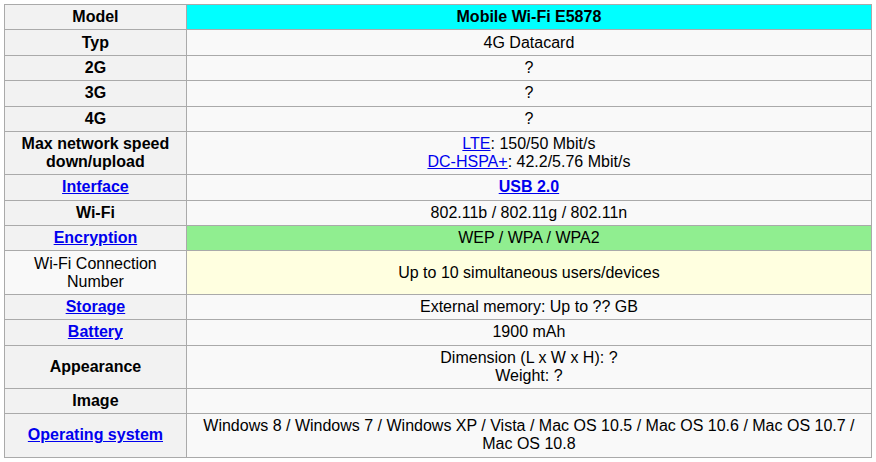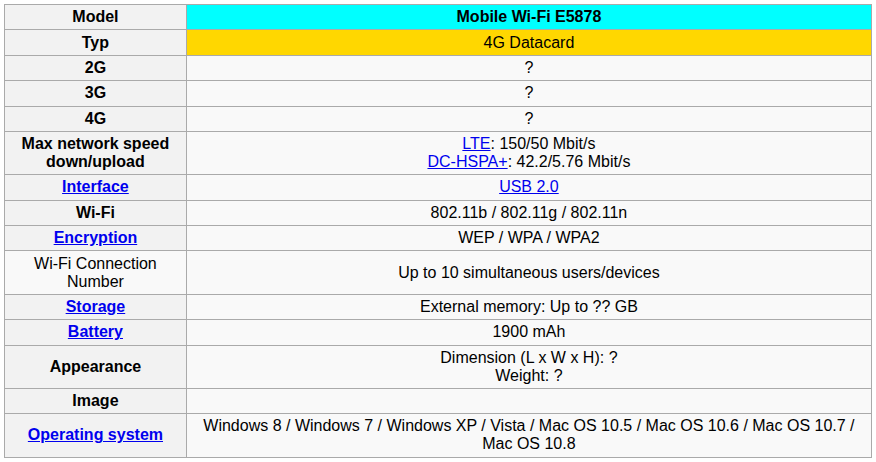 <table class="wikitable" style="text-align:center">
 <tr>
 <th colspan="2" style="background:#silver">Model</th>
 <th style="background:rgb(0%,100%,100%);">Mobile Wi-Fi E5878</th>
 </tr>
 <tr>
 <th colspan="2" >Typ</th>
-<td>4G Datacard</td>
+<td style="background: gold;">4G Datacard</td>
 </tr>
 <tr>
 <th colspan="2" >2G</th>
 <td>?</td>
 </tr>
 <tr>
 <th colspan="2" >3G</th>
 <td>?</td>
 </tr>
 <tr>
 <th colspan="2" >4G</th>
 <td>?</td>
 </tr>
 <tr>
 <th colspan="2" >Max network speed<br>down/upload</th>
 <td style="text-align: center;"><a href='#'>LTE</a>: 150/50 Mbit/s<br><a href='#'>DC-HSPA+</a>: 42.2/5.76 Mbit/s</td>
 </tr>
 <tr>
 <th colspan="2" ><a href='#'>Interface</a></th>
-<td><strong><a href='#'>USB 2.0</a></strong></td>
+<td><a href='#'>USB 2.0</a></td>
 </tr>
 <tr>
 <th colspan="2" >Wi-Fi</th>
 <td>802.11b / 802.11g / 802.11n</td>
 </tr>
 <tr>
 <th colspan="2" ><a href='#'>Encryption</a></th>
-<td style="background: lightgreen;">WEP / WPA / WPA2</td>
+<td>WEP / WPA / WPA2</td>
 </tr>
 <tr>
 <td colspan="2" >Wi-Fi Connection Number</td>
-<td style="background: lightyellow;">Up to 10 simultaneous users/devices</td>
+<td>Up to 10 simultaneous users/devices</td>
 </tr>
 <tr>
 <th colspan="2" ><a href='#'>Storage</a></th>
 <td>External memory: Up to ?? GB</td>
 </tr>
 <tr>
 <th colspan="2" ><a href='#'>Battery</a></th>
 <td>1900 mAh</td>
 </tr>
 <tr>
 <th colspan="2" >Appearance</th>
 <td>Dimension (L x W x H): ?<br>Weight: ?</td>
 </tr>
 <tr>
 <th colspan="2" >Image</th>
 <td></td>
 </tr>
 <tr>
 <th colspan="2" ><a href='#'>Operating system</a></th>
 <td>Windows 8 / Windows 7 / Windows XP / Vista / Mac OS 10.5 / Mac OS 10.6 / Mac OS 10.7 / Mac OS 10.8</td>
 </tr>
 </table>
